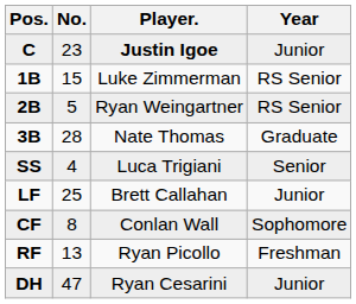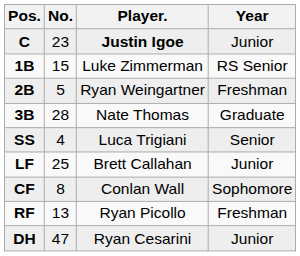 <table class="wikitable non-sortable">
 <tr>
 <th style="text-align:center; ">Pos.</th>
 <th style="text-align:center; ">No.</th>
 <th style="text-align:center; ">Player.</th>
 <th style="text-align:center; ">Year</th>
 </tr>
 <tr style="background:#eeeeee;text-align:center;">
 <td><strong>C</strong></td>
 <td>23</td>
 <td><strong>Justin Igoe</strong></td>
 <td>Junior</td>
 </tr>
 <tr style="text-align:center;">
 <td><strong>1B</strong></td>
 <td>15</td>
 <td>Luke Zimmerman</td>
 <td>RS Senior</td>
 </tr>
 <tr style="background:#eeeeee;text-align:center;">
 <td><strong>2B</strong></td>
 <td>5</td>
 <td>Ryan Weingartner</td>
-<td>RS Senior</td>
+<td>Freshman</td>
 </tr>
 <tr style="text-align:center;">
 <td><strong>3B</strong></td>
 <td>28</td>
 <td>Nate Thomas</td>
 <td>Graduate</td>
 </tr>
 <tr style="background:#eeeeee;text-align:center;">
 <td><strong>SS</strong></td>
 <td>4</td>
 <td>Luca Trigiani</td>
 <td>Senior</td>
 </tr>
 <tr style="text-align:center;">
 <td><strong>LF</strong></td>
 <td>25</td>
 <td>Brett Callahan</td>
 <td>Junior</td>
 </tr>
 <tr style="background:#eeeeee;text-align:center;">
 <td><strong>CF</strong></td>
 <td>8</td>
 <td>Conlan Wall</td>
 <td>Sophomore</td>
 </tr>
 <tr style="text-align:center;">
 <td><strong>RF</strong></td>
 <td>13</td>
 <td>Ryan Picollo</td>
 <td>Freshman</td>
 </tr>
 <tr style="background:#eeeeee;text-align:center;">
 <td><strong>DH</strong></td>
 <td>47</td>
 <td>Ryan Cesarini</td>
 <td>Junior</td>
 </tr>
 </table>
